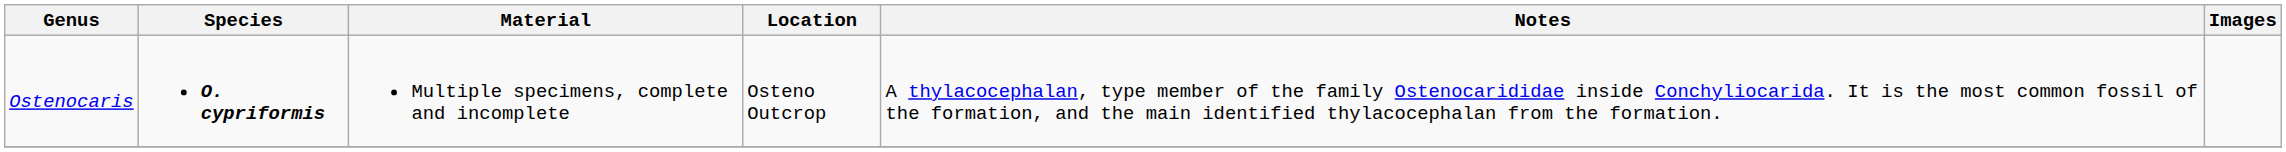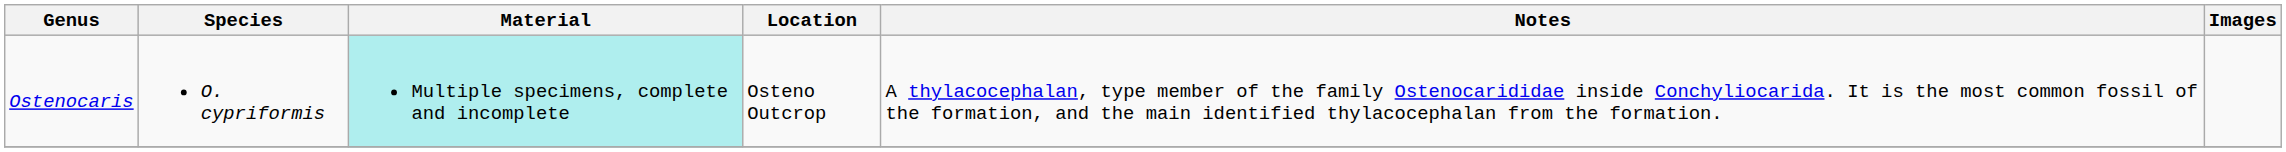 <table class="wikitable" align="center">
 <tr>
 <th>Genus</th>
 <th>Species</th>
 <th>Material</th>
 <th>Location</th>
 <th>Notes</th>
 <th>Images</th>
 </tr>
 <tr>
 <td><br><em><a href='#'>Ostenocaris</a></em></td>
-<td><strong><br><ul><li><em>O. cypriformis</em></li></ul></strong></td>
-<td><br><ul><li>Multiple specimens, complete and incomplete</li></ul></td>
+<td><br><ul><li><em>O. cypriformis</em></li></ul></td>
+<td style="background: paleturquoise;"><br><ul><li>Multiple specimens, complete and incomplete</li></ul></td>
 <td><br>Osteno Outcrop</td>
 <td><br>A <a href='#'>thylacocephalan</a>, type member of the family <a href='#'>Ostenocarididae</a> inside <a href='#'>Conchyliocarida</a>. It is the most common fossil of the formation, and the main identified thylacocephalan from the formation.</td>
 <td><br></td>
 </tr>
 <tr>
 </tr>
 </table>
